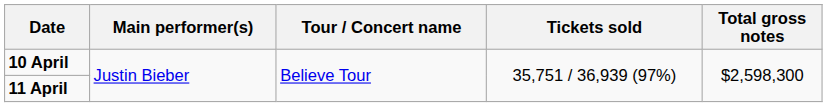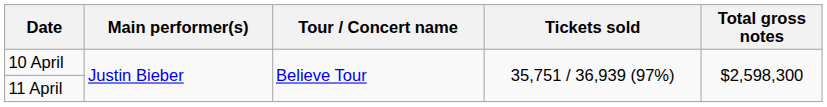 <table class="wikitable"  style="text-align:left; font-size:95%; width:85%;">
 <tr>
 <th style="text-align:center;">Date</th>
 <th style="text-align:center;">Main performer(s)</th>
 <th style="text-align:center;">Tour / Concert name</th>
 <th style="text-align:center;">Tickets sold</th>
 <th style="text-align:center;">Total gross<br>notes</th>
 </tr>
 <tr>
-<td><strong>10 April</strong></td>
+<td>10 April</td>
 <td rowspan="2"><a href='#'>Justin Bieber</a></td>
 <td rowspan="2"><a href='#'>Believe Tour</a></td>
 <td rowspan="2" style="text-align:center;">35,751 / 36,939 (97%)</td>
 <td rowspan="2" style="text-align:center;">$2,598,300</td>
 </tr>
 <tr>
-<td><strong>11 April</strong></td>
+<td>11 April</td>
 </tr>
 </table>
